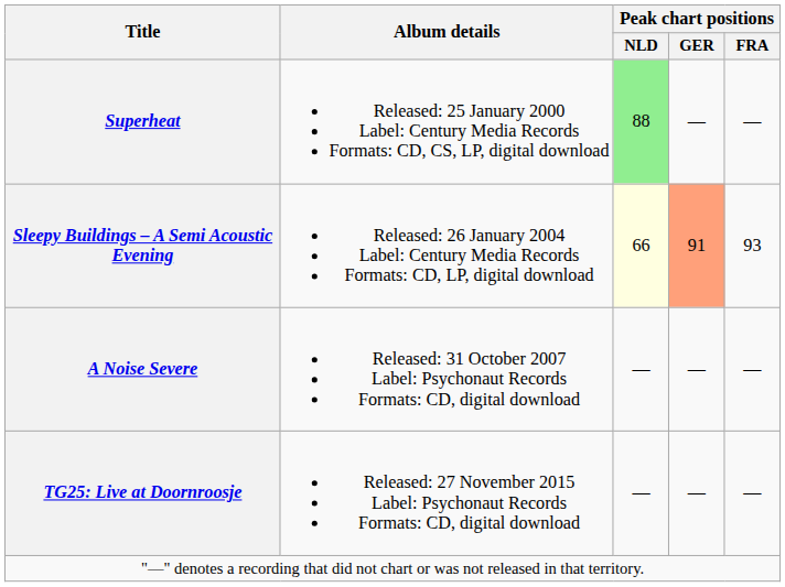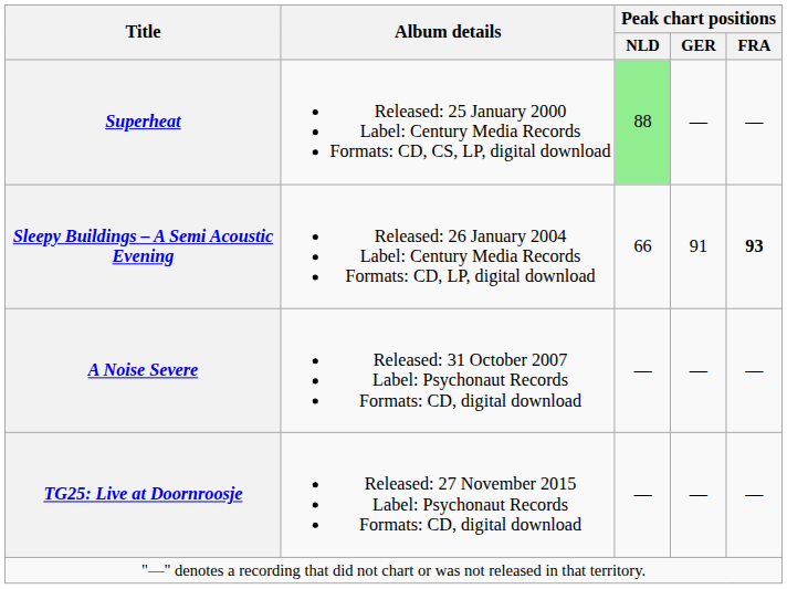 <table class="wikitable plainrowheaders" style="text-align:center;">
 <tr>
 <th scope="col" rowspan="2" style="width:15em;">Title</th>
 <th scope="col" rowspan="2">Album details</th>
 <th scope="col" colspan="3">Peak chart positions</th>
 </tr>
 <tr>
 <th scope="col" style="width:3em;font-size:90%;">NLD<br></th>
 <th scope="col" style="width:3em;font-size:90%;">GER<br></th>
 <th scope="col" style="width:3em;font-size:90%;">FRA<br></th>
 </tr>
 <tr>
 <th scope="row"><em><a href='#'>Superheat</a></em></th>
 <td><br><ul><li>Released: 25 January 2000</li><li>Label: Century Media Records</li><li>Formats: CD, CS, LP, digital download</li></ul></td>
 <td style="background: lightgreen;">88</td>
 <td>—</td>
 <td>—</td>
 </tr>
 <tr>
 <th scope="row"><em><a href='#'>Sleepy Buildings – A Semi Acoustic Evening</a></em></th>
 <td><br><ul><li>Released: 26 January 2004</li><li>Label: Century Media Records</li><li>Formats: CD, LP, digital download</li></ul></td>
-<td style="background: lightyellow;">66</td>
-<td style="background: lightsalmon;">91</td>
-<td>93</td>
+<td>66</td>
+<td>91</td>
+<td><strong>93</strong></td>
 </tr>
 <tr>
 <th scope="row"><em><a href='#'>A Noise Severe</a></em></th>
 <td><br><ul><li>Released: 31 October 2007</li><li>Label: Psychonaut Records</li><li>Formats: CD, digital download</li></ul></td>
 <td>—</td>
 <td>—</td>
 <td>—</td>
 </tr>
 <tr>
 <th scope="row"><em><a href='#'>TG25: Live at Doornroosje</a></em></th>
 <td><br><ul><li>Released: 27 November 2015</li><li>Label: Psychonaut Records</li><li>Formats: CD, digital download</li></ul></td>
 <td>—</td>
 <td>—</td>
 <td>—</td>
 </tr>
 <tr>
 <td colspan="10" style="font-size:90%">"—" denotes a recording that did not chart or was not released in that territory.</td>
 </tr>
 </table>
